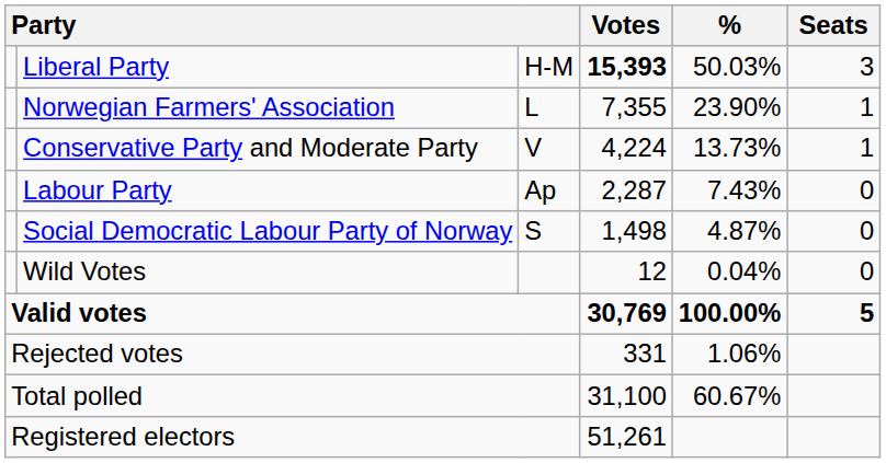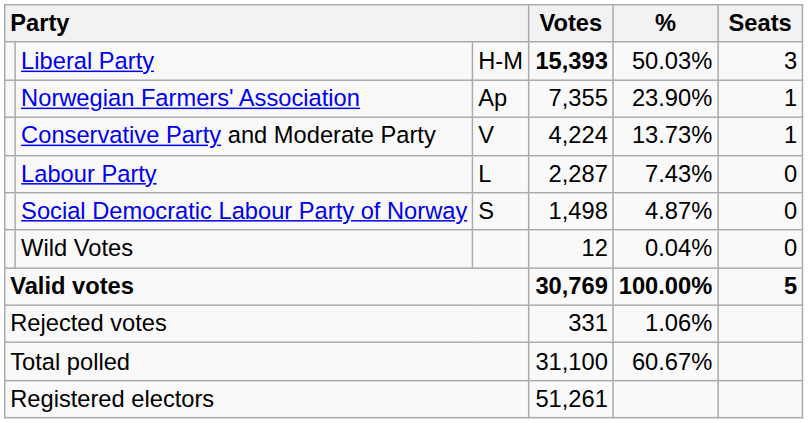 <table class="wikitable" border="1" style="text-align:right;">
 <tr>
 <th style="text-align:left;" colspan=3>Party</th>
 <th align=center width="50">Votes</th>
 <th align=center width="50">%</th>
 <th align=center width="50">Seats</th>
 </tr>
 <tr>
 <td style="color:inherit;background:"></td>
 <td align=left><a href='#'>Liberal Party</a></td>
 <td align=left>H-M</td>
 <td><strong>15,393</strong></td>
 <td>50.03%</td>
 <td>3</td>
 </tr>
 <tr>
 <td style="color:inherit;background:"></td>
 <td align=left><a href='#'>Norwegian Farmers' Association</a></td>
-<td align=left>L</td>
+<td align=left>Ap</td>
 <td>7,355</td>
 <td>23.90%</td>
 <td>1</td>
 </tr>
 <tr>
 <td></td>
 <td align=left><a href='#'>Conservative Party</a> and Moderate Party</td>
 <td align=left>V</td>
 <td>4,224</td>
 <td>13.73%</td>
 <td>1</td>
 </tr>
 <tr>
 <td style="color:inherit;background:"></td>
 <td align=left><a href='#'>Labour Party</a></td>
-<td align=left>Ap</td>
+<td align=left>L</td>
 <td>2,287</td>
 <td>7.43%</td>
 <td>0</td>
 </tr>
 <tr>
 <td style="color:inherit;background:"></td>
 <td align=left><a href='#'>Social Democratic Labour Party of Norway</a></td>
 <td align=left>S</td>
 <td>1,498</td>
 <td>4.87%</td>
 <td>0</td>
 </tr>
 <tr>
 <td></td>
 <td align=left>Wild Votes</td>
 <td align=left></td>
 <td>12</td>
 <td>0.04%</td>
 <td>0</td>
 </tr>
 <tr style="font-weight:bold">
 <td align=left colspan=3>Valid votes</td>
 <td>30,769</td>
 <td>100.00%</td>
 <td>5</td>
 </tr>
 <tr>
 <td align=left colspan=3>Rejected votes</td>
 <td>331</td>
 <td>1.06%</td>
 <td></td>
 </tr>
 <tr>
 <td align=left colspan=3>Total polled</td>
 <td>31,100</td>
 <td>60.67%</td>
 <td></td>
 </tr>
 <tr>
 <td align=left colspan=3>Registered electors</td>
 <td>51,261</td>
 <td></td>
 <td></td>
 </tr>
 </table>
